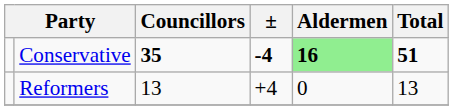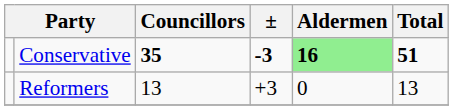 <table class="wikitable">
 <tr>
 <th colspan="2">Party</th>
 <th>Councillors</th>
 <th>  ±  </th>
 <th>Aldermen</th>
 <th>Total</th>
 </tr>
 <tr>
 <td style="background-color: "></td>
 <td><a href='#'>Conservative</a></td>
 <td><strong>35</strong></td>
-<td><strong>-4</strong></td>
+<td><strong>-3</strong></td>
 <td style="background: lightgreen;"><strong>16</strong></td>
 <td><strong>51</strong></td>
 </tr>
 <tr>
 <td style="background-color: "></td>
 <td><a href='#'>Reformers</a></td>
 <td>13</td>
-<td>+4</td>
+<td>+3</td>
 <td>0</td>
 <td>13</td>
 </tr>
 <tr>
 </tr>
 </table>
